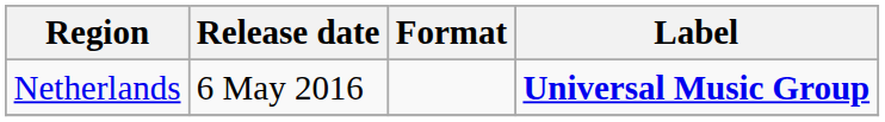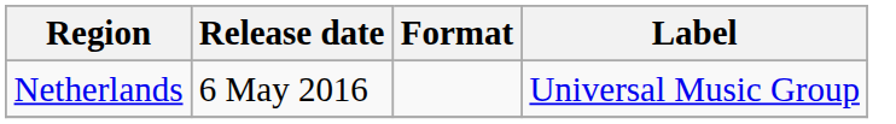 <table class="wikitable">
 <tr>
 <th>Region</th>
 <th>Release date</th>
 <th>Format</th>
 <th>Label</th>
 </tr>
 <tr>
 <td><a href='#'>Netherlands</a></td>
 <td>6 May 2016</td>
 <td></td>
-<td><strong><a href='#'>Universal Music Group</a></strong></td>
+<td><a href='#'>Universal Music Group</a></td>
 </tr>
 <tr>
 </tr>
 </table>
